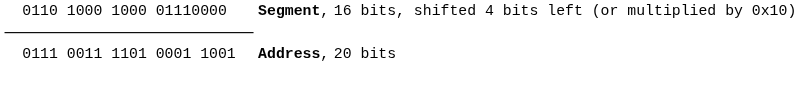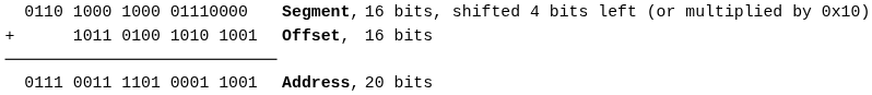 <table style="margin-left:5em">
 <tr>
 <td><code>  </code><code>0110 1000 1000 0111</code><code>0000</code></td>
 <td><strong>Segment</strong>,</td>
 <td>16 bits, shifted 4 bits left (or multiplied by 0x10)</td>
+</tr>
+<tr>
+<td><code>+      </code><code>1011 0100 1010 1001</code></td>
+<td><strong>Offset</strong>,</td>
+<td>16 bits</td>
 </tr>
 <tr style="text-decoration:line-through">
 <td><code>                            </code></td>
 <td></td>
 </tr>
 <tr>
 <td><code>  </code><code>0111 0011 1101 0001 1001</code></td>
 <td><strong>Address</strong>,</td>
 <td>20 bits</td>
 </tr>
 </table>
